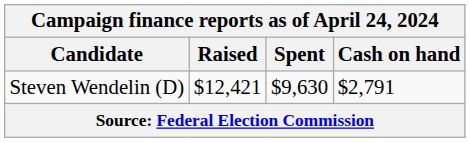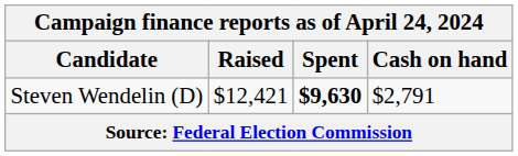 <table class="wikitable sortable">
 <tr>
 <th colspan=4>Campaign finance reports as of April 24, 2024</th>
 </tr>
 <tr style="text-align:center;">
 <th>Candidate</th>
 <th>Raised</th>
 <th>Spent</th>
 <th>Cash on hand</th>
 </tr>
 <tr>
 <td>Steven Wendelin (D)</td>
 <td>$12,421</td>
-<td>$9,630</td>
+<td><strong>$9,630</strong></td>
 <td>$2,791</td>
 </tr>
 <tr>
 <th colspan="4"><small>Source: <a href='#'>Federal Election Commission</a></small></th>
 </tr>
 </table>
